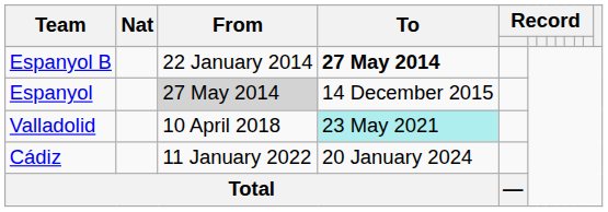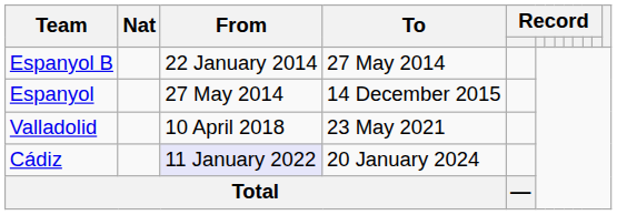 <table class="wikitable" style="text-align: center">
 <tr>
 <th rowspan="2">Team</th>
 <th rowspan="2">Nat</th>
 <th rowspan="2">From</th>
 <th rowspan="2">To</th>
 <th colspan="8">Record</th>
 <th rowspan=2></th>
 </tr>
 <tr>
 <th></th>
 <th></th>
 <th></th>
 <th></th>
 <th></th>
 <th></th>
 <th></th>
 <th></th>
 </tr>
 <tr>
 <td align=left><a href='#'>Espanyol B</a></td>
 <td></td>
 <td align=left>22 January 2014</td>
-<td align=left><strong>27 May 2014<br></strong></td>
+<td align=left>27 May 2014<br></td>
 <td></td>
 </tr>
 <tr>
 <td align=left><a href='#'>Espanyol</a></td>
 <td></td>
-<td align=left style="background: lightgrey;">27 May 2014</td>
+<td align=left>27 May 2014</td>
 <td align=left>14 December 2015<br></td>
 <td></td>
 </tr>
 <tr>
 <td align=left><a href='#'>Valladolid</a></td>
 <td></td>
 <td align=left>10 April 2018</td>
-<td align=left style="background: paleturquoise;">23 May 2021<br></td>
+<td align=left>23 May 2021<br></td>
 <td></td>
 </tr>
 <tr>
 <td align=left><a href='#'>Cádiz</a></td>
 <td></td>
-<td align=left>11 January 2022</td>
+<td align=left style="background: lavender;">11 January 2022</td>
 <td align=left>20 January 2024<br></td>
 <td></td>
 </tr>
 <tr>
 <th colspan="4">Total<br></th>
 <th>—</th>
 </tr>
 </table>
